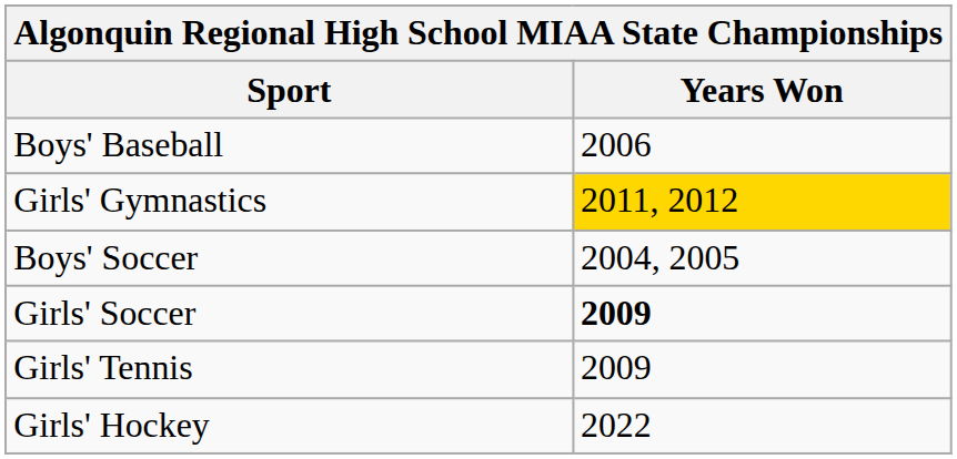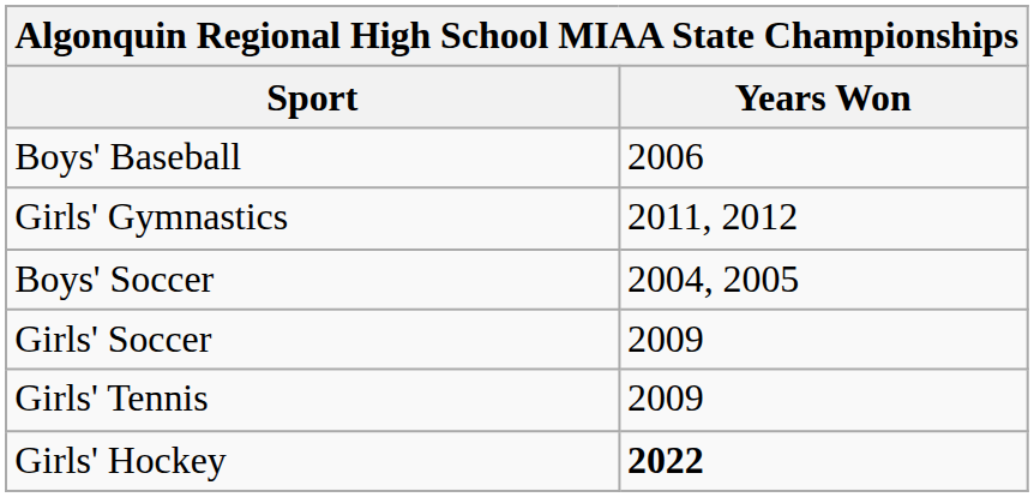 <table class="wikitable">
 <tr>
 <th colspan="4">Algonquin Regional High School MIAA State Championships</th>
 </tr>
 <tr>
 <th>Sport</th>
 <th>Years Won</th>
 </tr>
 <tr>
 <td>Boys' Baseball</td>
 <td>2006</td>
 </tr>
 <tr>
 <td>Girls' Gymnastics</td>
-<td style="background: gold;">2011, 2012</td>
+<td>2011, 2012</td>
 </tr>
 <tr>
 <td>Boys' Soccer</td>
 <td>2004, 2005</td>
 </tr>
 <tr>
 <td>Girls' Soccer</td>
-<td><strong>2009</strong></td>
+<td>2009</td>
 </tr>
 <tr>
 <td>Girls' Tennis</td>
 <td>2009</td>
 </tr>
 <tr>
 <td>Girls' Hockey</td>
-<td>2022</td>
+<td><strong>2022</strong></td>
 </tr>
 </table>
